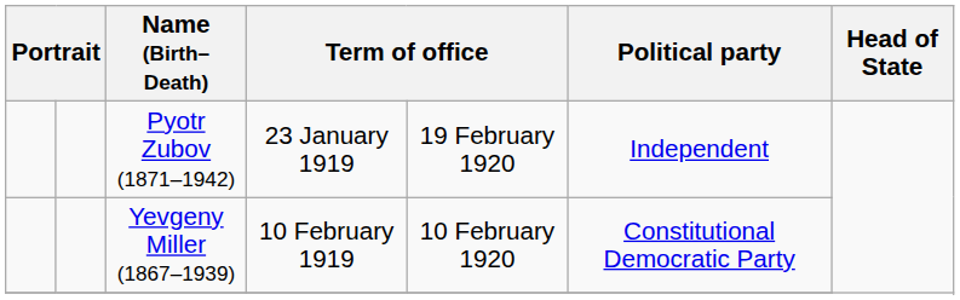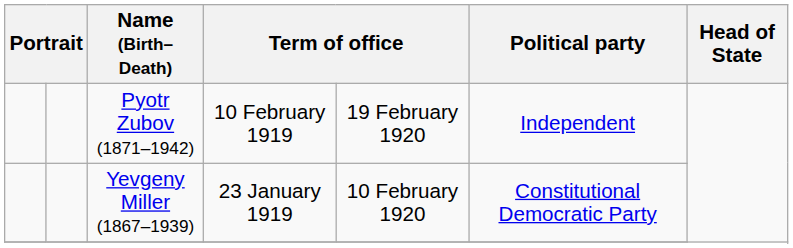 <table class="wikitable" style="text-align:center">
 <tr>
 <th colspan=2>Portrait</th>
 <th>Name<br><small>(Birth–Death)</small></th>
 <th colspan=2>Term of office</th>
 <th>Political party</th>
 <th colspan=2>Head of State</th>
 </tr>
 <tr>
 <td style="background:"></td>
 <td></td>
 <td scope="row" style="font-weight:normal;"><a href='#'>Pyotr Zubov</a><br><small>(1871–1942)</small></td>
-<td>23 January 1919</td>
+<td>10 February 1919</td>
 <td>19 February 1920</td>
 <td><a href='#'>Independent</a></td>
 </tr>
 <tr>
 <td style="background:"></td>
 <td></td>
 <td scope="row" style="font-weight:normal;"><a href='#'>Yevgeny Miller</a><br><small>(1867–1939)</small></td>
-<td>10 February 1919</td>
+<td>23 January 1919</td>
 <td>10 February 1920</td>
 <td><a href='#'>Constitutional Democratic Party</a></td>
 </tr>
 <tr>
 </tr>
 </table>
